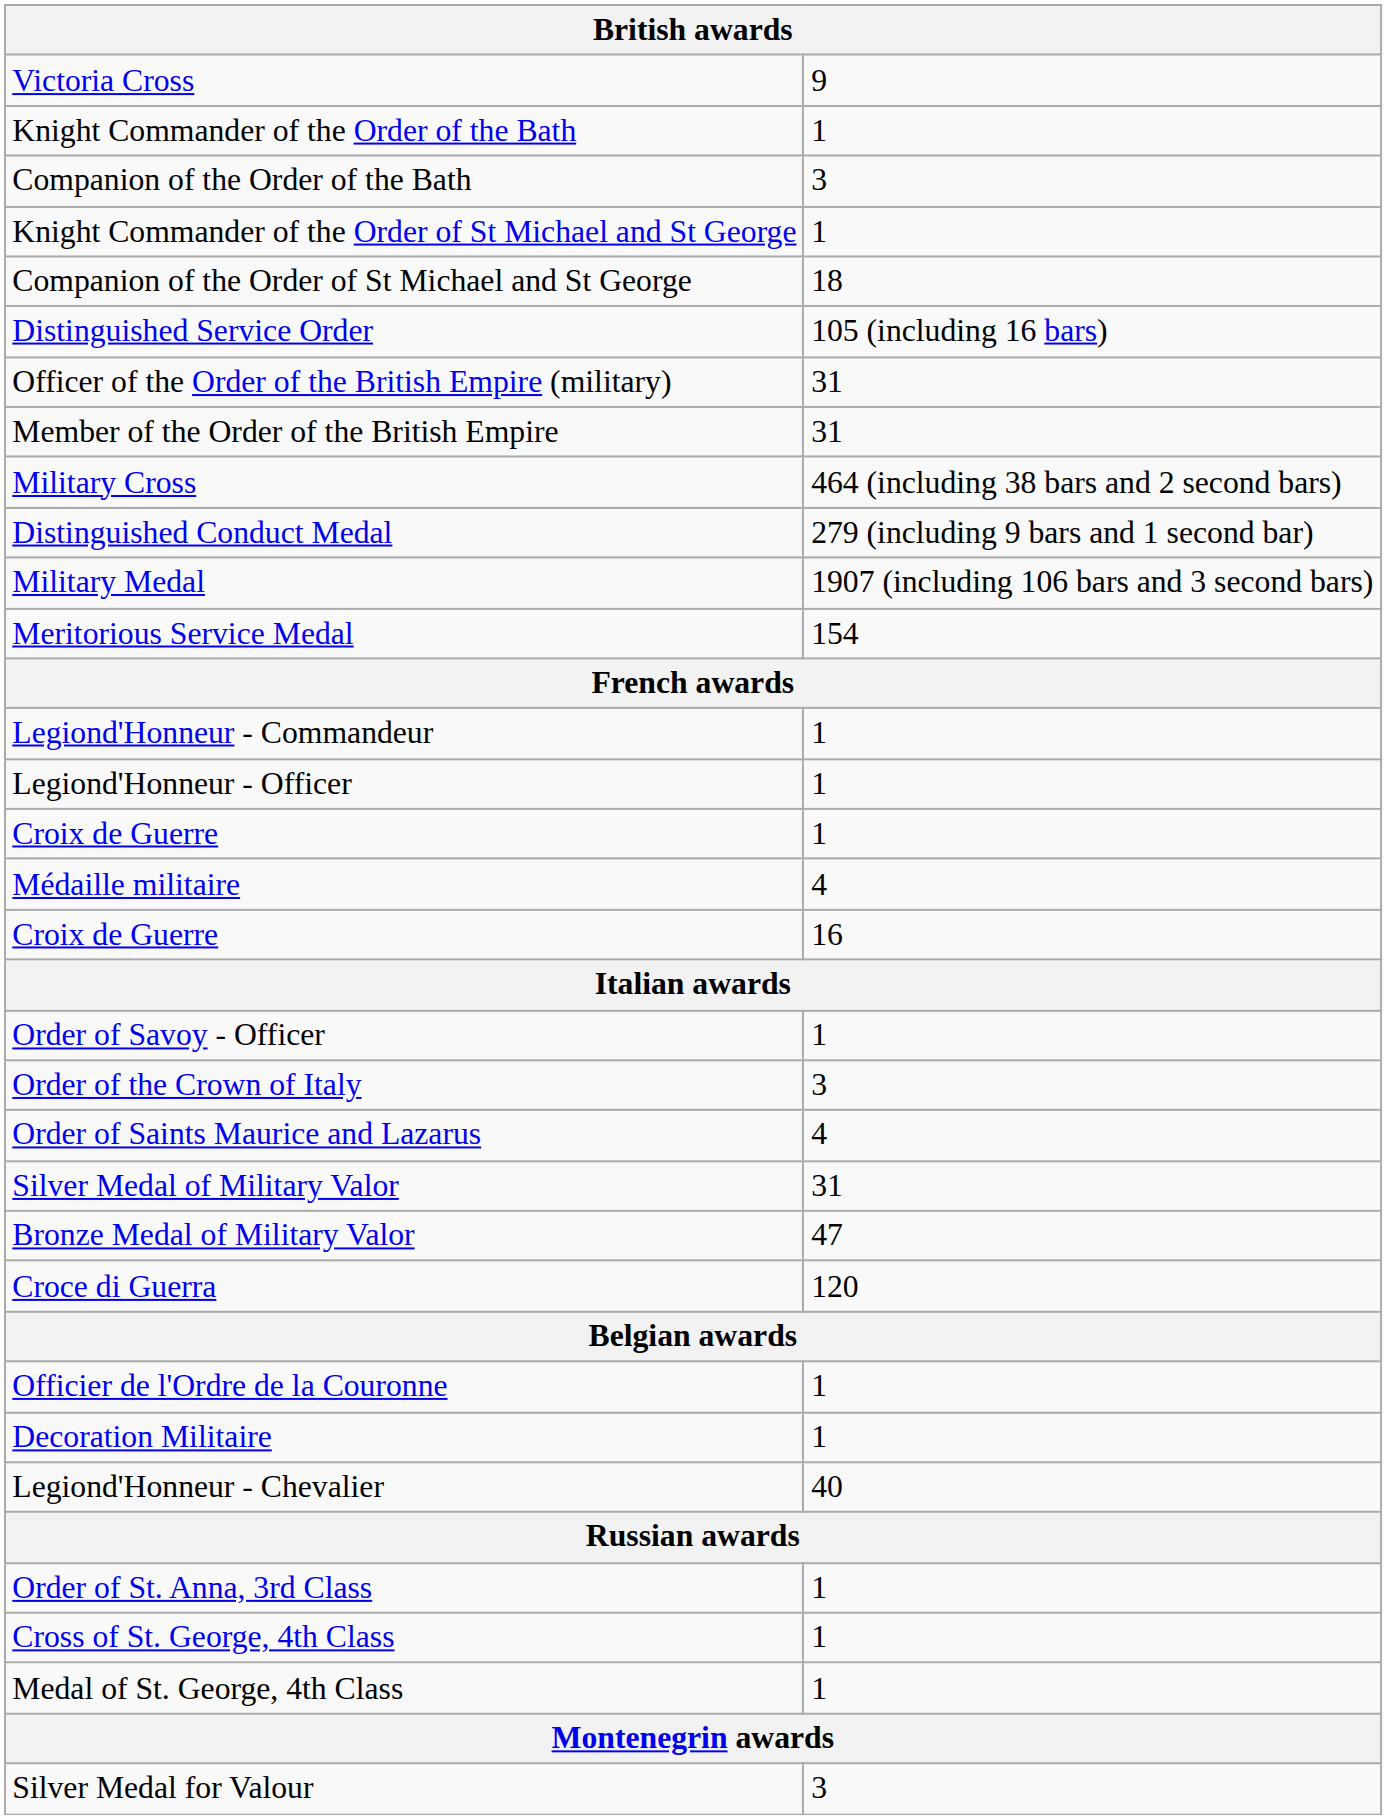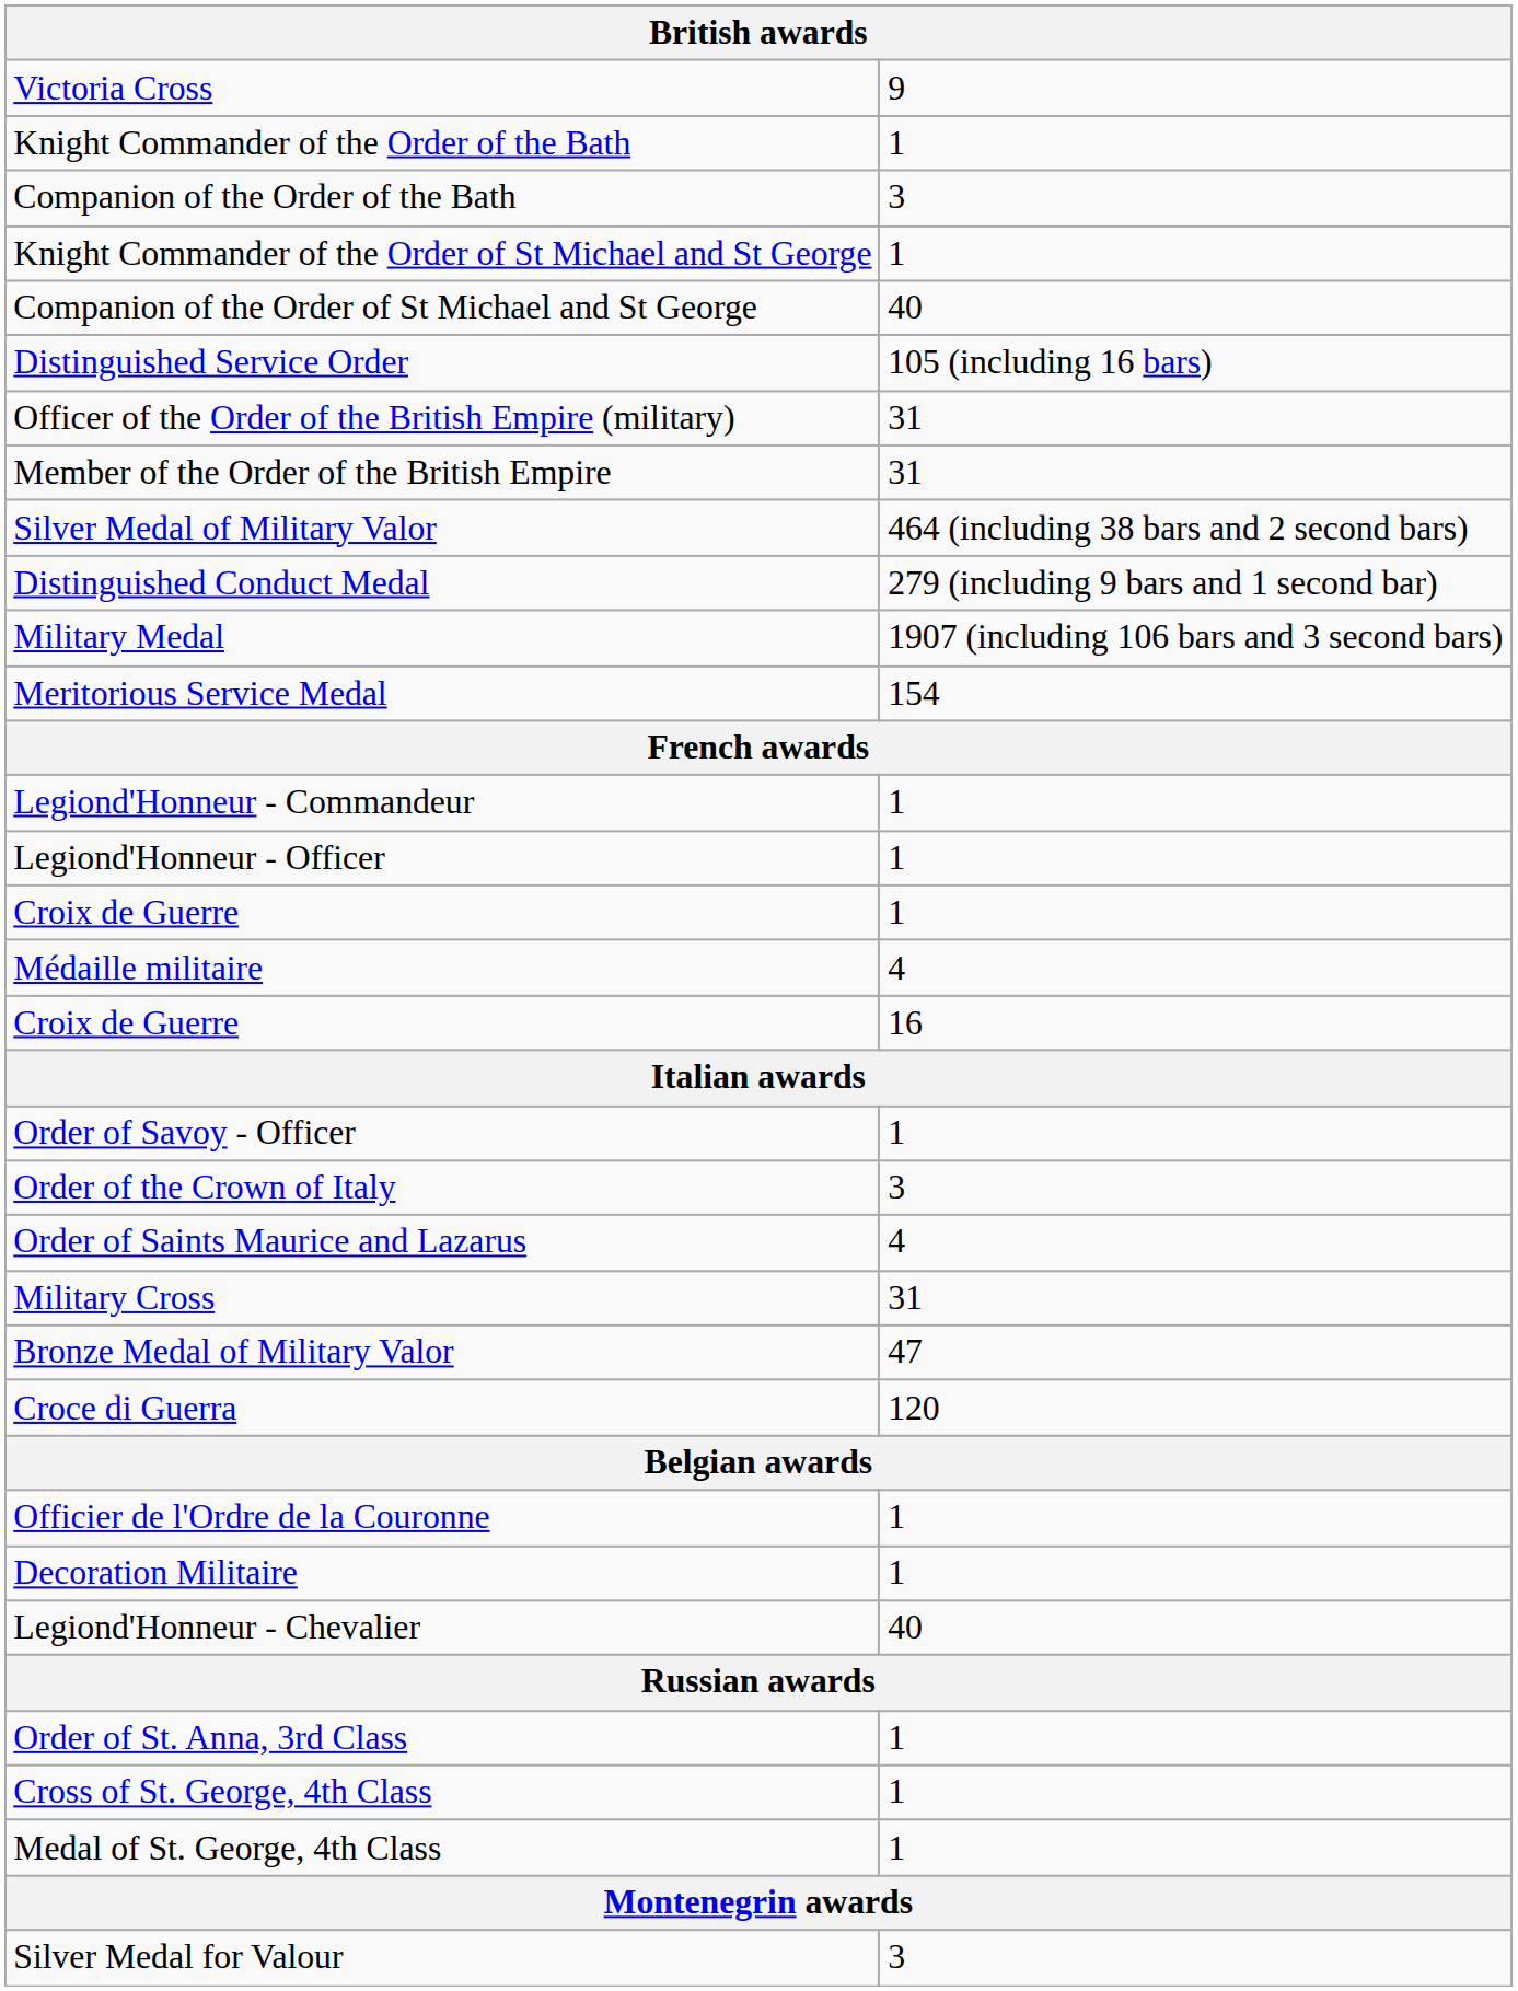 <table class="wikitable">
 <tr>
 <th colspan='2'>British awards</th>
 </tr>
 <tr>
 <td><a href='#'>Victoria Cross</a></td>
 <td>9</td>
 </tr>
 <tr>
 <td>Knight Commander of the <a href='#'>Order of the Bath</a></td>
 <td>1</td>
 </tr>
 <tr>
 <td>Companion of the Order of the Bath</td>
 <td>3</td>
 </tr>
 <tr>
 <td>Knight Commander of the <a href='#'>Order of St Michael and St George</a></td>
 <td>1</td>
 </tr>
 <tr>
 <td>Companion of the Order of St Michael and St George</td>
-<td>18</td>
+<td>40</td>
 </tr>
 <tr>
 <td><a href='#'>Distinguished Service Order</a></td>
 <td>105 (including 16 <a href='#'>bars</a>)</td>
 </tr>
 <tr>
 <td>Officer of the <a href='#'>Order of the British Empire</a> (military)</td>
 <td>31</td>
 </tr>
 <tr>
 <td>Member of the Order of the British Empire</td>
 <td>31</td>
 </tr>
 <tr>
-<td><a href='#'>Military Cross</a></td>
+<td><a href='#'>Silver Medal of Military Valor</a></td>
 <td>464 (including 38 bars and 2 second bars)</td>
 </tr>
 <tr>
 <td><a href='#'>Distinguished Conduct Medal</a></td>
 <td>279 (including 9 bars and 1 second bar)</td>
 </tr>
 <tr>
 <td><a href='#'>Military Medal</a></td>
 <td>1907 (including 106 bars and 3 second bars)</td>
 </tr>
 <tr>
 <td><a href='#'>Meritorious Service Medal</a></td>
 <td>154</td>
 </tr>
 <tr>
 <th colspan='2'>French awards</th>
 </tr>
 <tr>
 <td><a href='#'>Legiond'Honneur</a> - Commandeur</td>
 <td>1</td>
 </tr>
 <tr>
 <td>Legiond'Honneur - Officer</td>
 <td>1</td>
 </tr>
 <tr>
 <td><a href='#'>Croix de Guerre</a></td>
 <td>1</td>
 </tr>
 <tr>
 <td><a href='#'>Médaille militaire</a></td>
 <td>4</td>
 </tr>
 <tr>
 <td><a href='#'>Croix de Guerre</a></td>
 <td>16</td>
 </tr>
 <tr>
 <th colspan='2'>Italian awards</th>
 </tr>
 <tr>
 <td><a href='#'>Order of Savoy</a> - Officer</td>
 <td>1</td>
 </tr>
 <tr>
 <td><a href='#'>Order of the Crown of Italy</a></td>
 <td>3</td>
 </tr>
 <tr>
 <td><a href='#'>Order of Saints Maurice and Lazarus</a></td>
 <td>4</td>
 </tr>
 <tr>
-<td><a href='#'>Silver Medal of Military Valor</a></td>
+<td><a href='#'>Military Cross</a></td>
 <td>31</td>
 </tr>
 <tr>
 <td><a href='#'>Bronze Medal of Military Valor</a></td>
 <td>47</td>
 </tr>
 <tr>
 <td><a href='#'>Croce di Guerra</a></td>
 <td>120</td>
 </tr>
 <tr>
 <th colspan='2'>Belgian awards</th>
 </tr>
 <tr>
 <td><a href='#'>Officier de l'Ordre de la Couronne</a></td>
 <td>1</td>
 </tr>
 <tr>
 <td><a href='#'>Decoration Militaire</a></td>
 <td>1</td>
 </tr>
 <tr>
 <td>Legiond'Honneur - Chevalier</td>
 <td>40</td>
 </tr>
 <tr>
 <th colspan='2'>Russian awards</th>
 </tr>
 <tr>
 <td><a href='#'>Order of St. Anna, 3rd Class</a></td>
 <td>1</td>
 </tr>
 <tr>
 <td><a href='#'>Cross of St. George, 4th Class</a></td>
 <td>1</td>
 </tr>
 <tr>
 <td>Medal of St. George, 4th Class</td>
 <td>1</td>
 </tr>
 <tr>
 <th colspan='2'><a href='#'>Montenegrin</a> awards</th>
 </tr>
 <tr>
 <td>Silver Medal for Valour</td>
 <td>3</td>
 </tr>
 </table>
